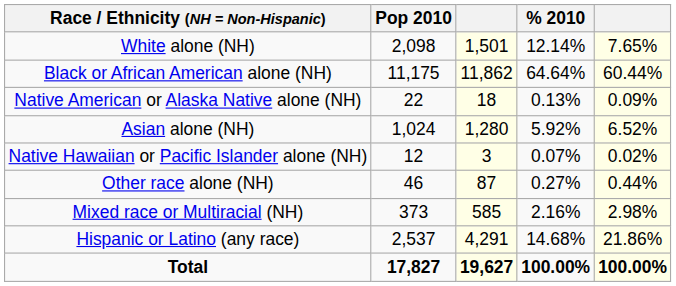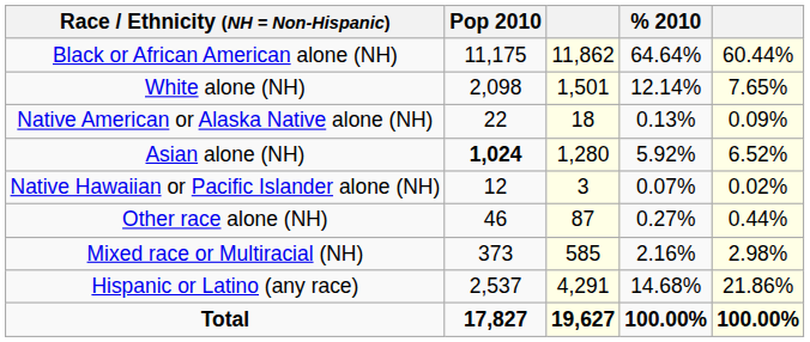 <table class="wikitable" style="text-align:center;">
 <tr>
 <th>Race / Ethnicity <small>(<em>NH = Non-Hispanic</em>)</small></th>
 <th>Pop 2010</th>
 <th></th>
 <th>% 2010</th>
 <th></th>
 </tr>
 <tr>
+<td><a href='#'>Black or African American</a> alone (NH)</td>
+<td>11,175</td>
+<td style='background: #ffffe6;'>11,862</td>
+<td>64.64%</td>
+<td style='background: #ffffe6;'>60.44%</td>
+</tr>
+<tr>
 <td><a href='#'>White</a> alone (NH)</td>
 <td>2,098</td>
 <td style='background: #ffffe6;'>1,501</td>
 <td>12.14%</td>
 <td style='background: #ffffe6;'>7.65%</td>
-</tr>
-<tr>
-<td><a href='#'>Black or African American</a> alone (NH)</td>
-<td>11,175</td>
-<td style='background: #ffffe6;'>11,862</td>
-<td>64.64%</td>
-<td style='background: #ffffe6;'>60.44%</td>
 </tr>
 <tr>
 <td><a href='#'>Native American</a> or <a href='#'>Alaska Native</a> alone (NH)</td>
 <td>22</td>
 <td style='background: #ffffe6;'>18</td>
 <td>0.13%</td>
 <td style='background: #ffffe6;'>0.09%</td>
 </tr>
 <tr>
 <td><a href='#'>Asian</a> alone (NH)</td>
-<td>1,024</td>
+<td><strong>1,024</strong></td>
 <td style='background: #ffffe6;'>1,280</td>
 <td>5.92%</td>
 <td style='background: #ffffe6;'>6.52%</td>
 </tr>
 <tr>
 <td><a href='#'>Native Hawaiian</a> or <a href='#'>Pacific Islander</a> alone (NH)</td>
 <td>12</td>
 <td style='background: #ffffe6;'>3</td>
 <td>0.07%</td>
 <td style='background: #ffffe6;'>0.02%</td>
 </tr>
 <tr>
 <td><a href='#'>Other race</a> alone (NH)</td>
 <td>46</td>
 <td style='background: #ffffe6;'>87</td>
 <td>0.27%</td>
 <td style='background: #ffffe6;'>0.44%</td>
 </tr>
 <tr>
 <td><a href='#'>Mixed race or Multiracial</a> (NH)</td>
 <td>373</td>
 <td style='background: #ffffe6;'>585</td>
 <td>2.16%</td>
 <td style='background: #ffffe6;'>2.98%</td>
 </tr>
 <tr>
 <td><a href='#'>Hispanic or Latino</a> (any race)</td>
 <td>2,537</td>
 <td style='background: #ffffe6;'>4,291</td>
 <td>14.68%</td>
 <td style='background: #ffffe6;'>21.86%</td>
 </tr>
 <tr>
 <td><strong>Total</strong></td>
 <td><strong>17,827</strong></td>
 <td style='background: #ffffe6;'><strong>19,627</strong></td>
 <td><strong>100.00%</strong></td>
 <td style='background: #ffffe6;'><strong>100.00%</strong></td>
 </tr>
 </table>
